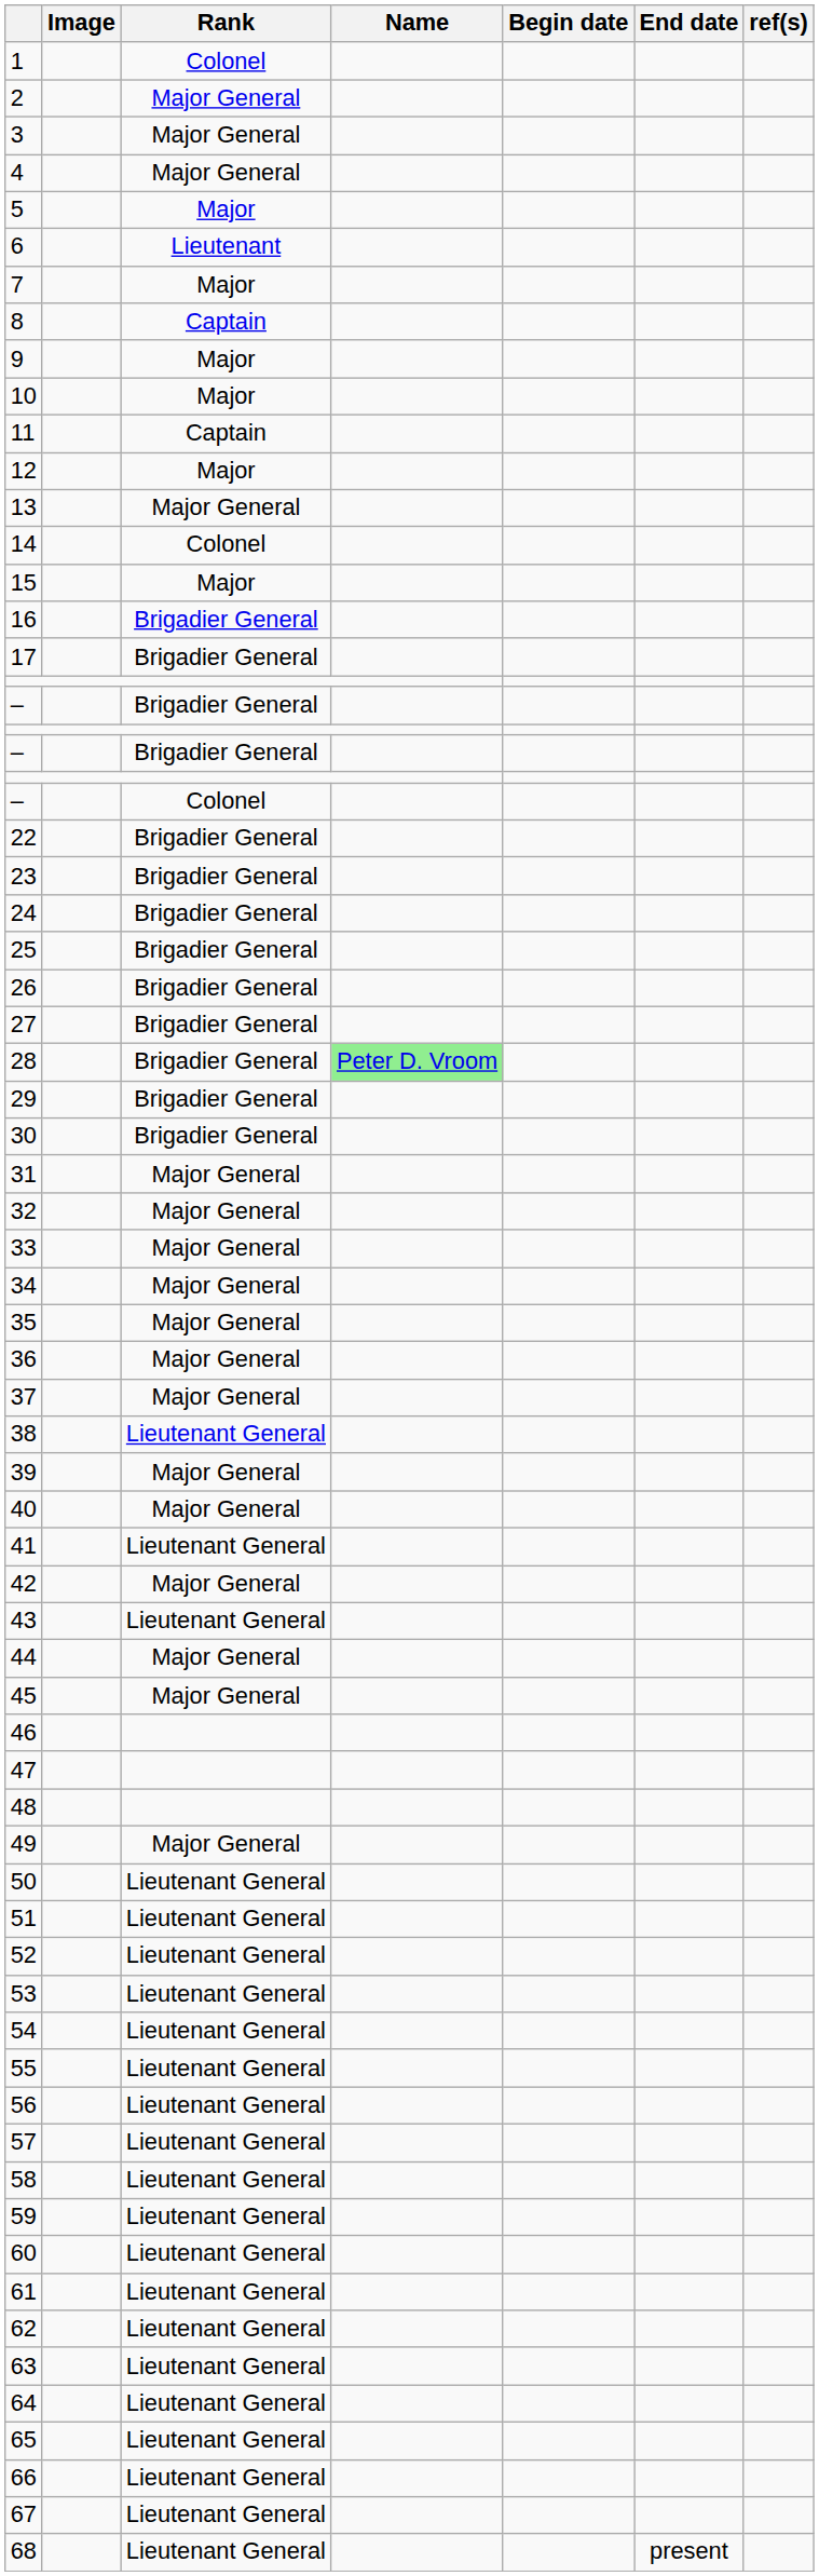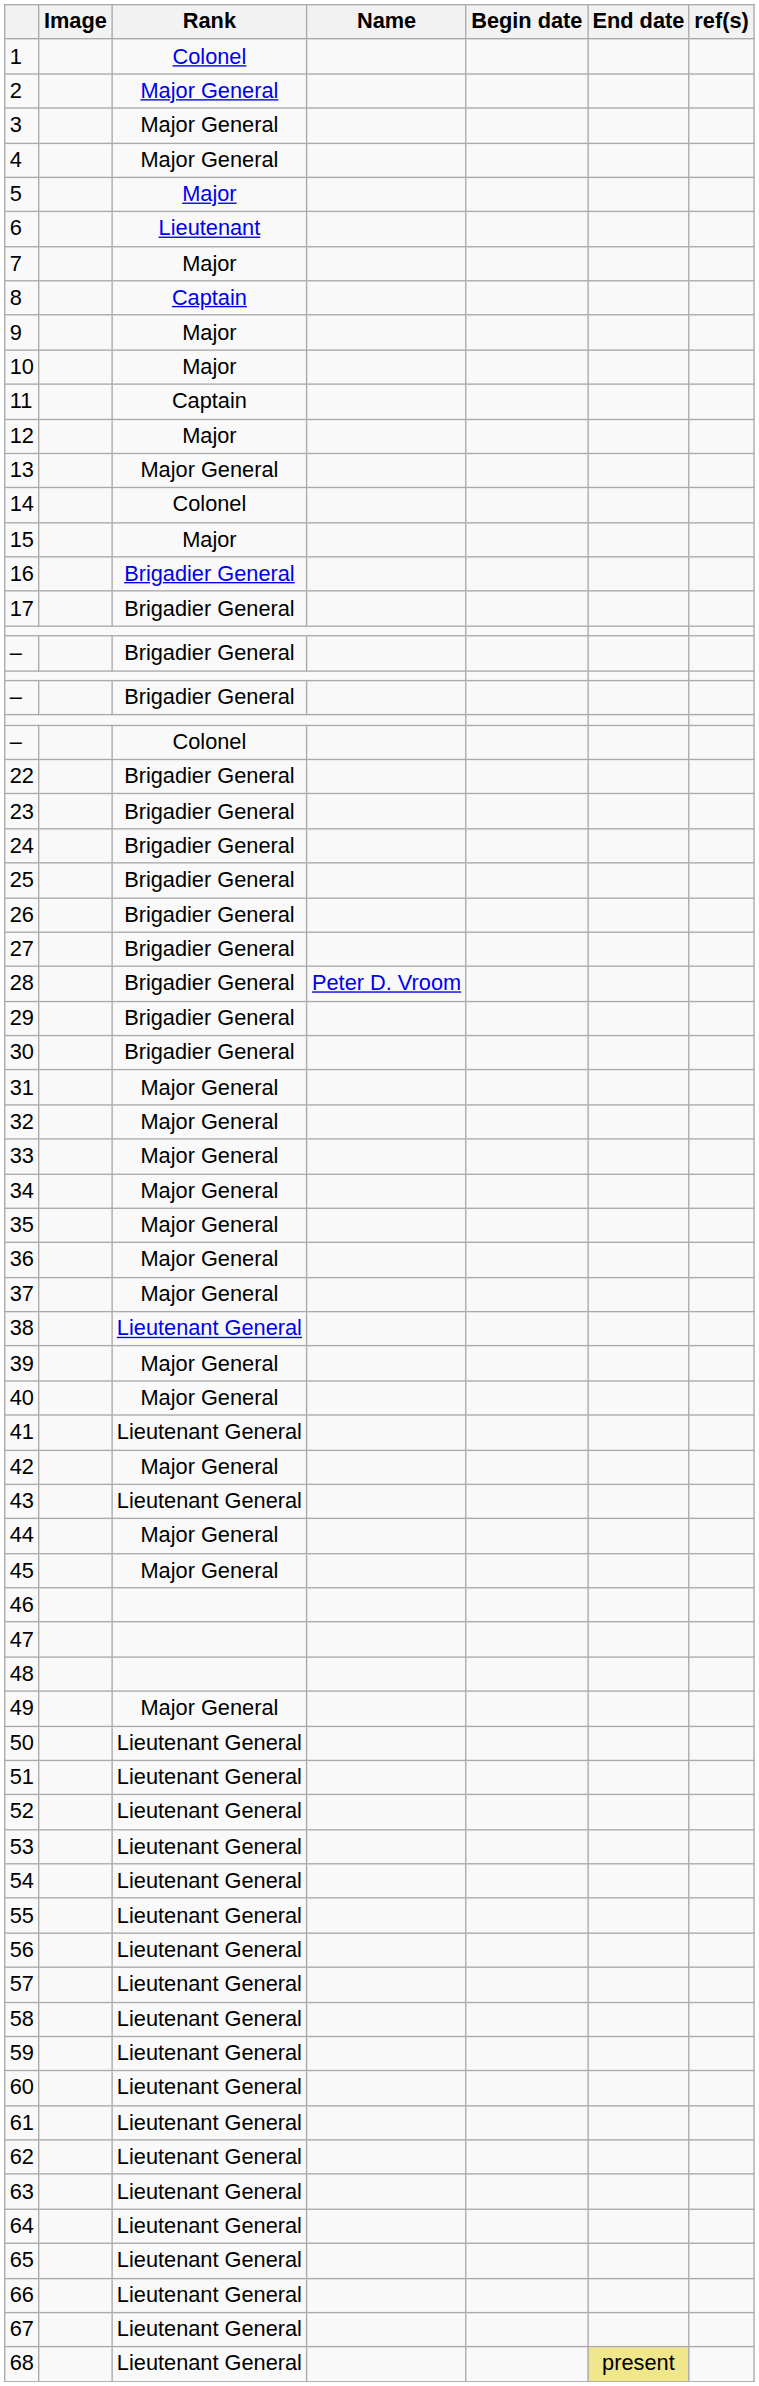 <table class="wikitable sortable">
 <tr>
 <th class=sortable></th>
 <th class="unsortable">Image</th>
 <th>Rank</th>
 <th>Name</th>
 <th>Begin date</th>
 <th class="sortable">End date</th>
 <th class="unsortable">ref(s)</th>
 </tr>
 <tr>
 <td>1</td>
 <td></td>
 <td align="center"><a href='#'>Colonel</a></td>
 <td align="center"></td>
 <td align="center"></td>
 <td align="center"></td>
 <td></td>
 </tr>
 <tr>
 <td>2</td>
 <td></td>
 <td align="center"><a href='#'>Major General</a></td>
 <td align="center"></td>
 <td align="center"></td>
 <td align="center"></td>
 <td></td>
 </tr>
 <tr>
 <td>3</td>
 <td></td>
 <td align="center">Major General</td>
 <td align="center"></td>
 <td align="center"></td>
 <td align="center"></td>
 <td></td>
 </tr>
 <tr>
 <td>4</td>
 <td></td>
 <td align="center">Major General</td>
 <td align="center"></td>
 <td align="center"></td>
 <td align="center"></td>
 <td></td>
 </tr>
 <tr>
 <td>5</td>
 <td></td>
 <td align="center"><a href='#'>Major</a></td>
 <td align="center"></td>
 <td align="center"></td>
 <td align="center"></td>
 <td></td>
 </tr>
 <tr>
 <td>6</td>
 <td></td>
 <td align="center"><a href='#'>Lieutenant</a></td>
 <td align="center"><br></td>
 <td align="center"></td>
 <td align="center"></td>
 <td></td>
 </tr>
 <tr>
 <td>7</td>
 <td></td>
 <td align="center">Major</td>
 <td align="center"><br></td>
 <td align="center"></td>
 <td align="center"></td>
 <td></td>
 </tr>
 <tr>
 <td>8</td>
 <td></td>
 <td align="center"><a href='#'>Captain</a></td>
 <td align="center"><br></td>
 <td align="center"></td>
 <td align="center"></td>
 <td></td>
 </tr>
 <tr>
 <td>9</td>
 <td></td>
 <td align="center">Major</td>
 <td align="center"><br></td>
 <td align="center"></td>
 <td align="center"></td>
 <td></td>
 </tr>
 <tr>
 <td>10</td>
 <td></td>
 <td align="center">Major</td>
 <td align="center"><br></td>
 <td align="center"></td>
 <td align="center"></td>
 <td></td>
 </tr>
 <tr>
 <td>11</td>
 <td></td>
 <td align="center">Captain</td>
 <td align="center"><br></td>
 <td align="center"></td>
 <td align="center"></td>
 <td></td>
 </tr>
 <tr>
 <td>12</td>
 <td></td>
 <td align="center">Major</td>
 <td align="center"><br></td>
 <td align="center"></td>
 <td align="center"></td>
 <td></td>
 </tr>
 <tr>
 <td>13</td>
 <td></td>
 <td align="center">Major General</td>
 <td align="center"></td>
 <td align="center"></td>
 <td align="center"></td>
 <td></td>
 </tr>
 <tr>
 <td>14</td>
 <td></td>
 <td align="center">Colonel</td>
 <td align="center"><br></td>
 <td align="center"></td>
 <td align="center"></td>
 <td></td>
 </tr>
 <tr>
 <td>15</td>
 <td></td>
 <td align="center">Major</td>
 <td align="center"><br></td>
 <td align="center"></td>
 <td align="center"></td>
 <td></td>
 </tr>
 <tr>
 <td>16</td>
 <td></td>
 <td align="center"><a href='#'>Brigadier General</a></td>
 <td align="center"></td>
 <td align="center"></td>
 <td align="center"></td>
 <td></td>
 </tr>
 <tr>
 <td>17</td>
 <td></td>
 <td align="center">Brigadier General</td>
 <td align="center"></td>
 <td align="center"></td>
 <td align="center"></td>
 <td></td>
 </tr>
 <tr>
 <td colspan="4"></td>
 <td align="center"></td>
 <td align="center"></td>
 <td></td>
 </tr>
 <tr>
 <td>–</td>
 <td></td>
 <td align="center">Brigadier General</td>
 <td align="center"></td>
 <td align="center"></td>
 <td align="center"></td>
 <td></td>
 </tr>
 <tr>
 <td colspan="4"></td>
 <td align="center"></td>
 <td align="center"></td>
 <td></td>
 </tr>
 <tr>
 <td>–</td>
 <td></td>
 <td align="center">Brigadier General</td>
 <td align="center"></td>
 <td align="center"></td>
 <td align="center"></td>
 <td></td>
 </tr>
 <tr>
 <td colspan="4"></td>
 <td align="center"></td>
 <td align="center"></td>
 <td></td>
 </tr>
 <tr>
 <td>–</td>
 <td></td>
 <td align="center">Colonel</td>
 <td align="center"></td>
 <td align="center"></td>
 <td align="center"></td>
 <td></td>
 </tr>
 <tr>
 <td>22</td>
 <td></td>
 <td align="center">Brigadier General</td>
 <td align="center"></td>
 <td align="center"></td>
 <td align="center"></td>
 <td></td>
 </tr>
 <tr>
 <td>23</td>
 <td></td>
 <td align="center">Brigadier General</td>
 <td align="center"></td>
 <td align="center"></td>
 <td align="center"></td>
 <td></td>
 </tr>
 <tr>
 <td>24</td>
 <td></td>
 <td align="center">Brigadier General</td>
 <td align="center"></td>
 <td align="center"></td>
 <td align="center"></td>
 <td></td>
 </tr>
 <tr>
 <td>25</td>
 <td></td>
 <td align="center">Brigadier General</td>
 <td align="center"></td>
 <td align="center"></td>
 <td align="center"></td>
 <td></td>
 </tr>
 <tr>
 <td>26</td>
 <td></td>
 <td align="center">Brigadier General</td>
 <td align="center"></td>
 <td align="center"></td>
 <td align="center"></td>
 <td></td>
 </tr>
 <tr>
 <td>27</td>
 <td></td>
 <td align="center">Brigadier General</td>
 <td align="center"></td>
 <td align="center"></td>
 <td align="center"></td>
 <td></td>
 </tr>
 <tr>
 <td>28</td>
 <td></td>
 <td align="center">Brigadier General</td>
-<td align="center" style="background: lightgreen;"><a href='#'>Peter D. Vroom</a></td>
+<td align="center"><a href='#'>Peter D. Vroom</a></td>
 <td align="center"></td>
 <td align="center"></td>
 <td></td>
 </tr>
 <tr>
 <td>29</td>
 <td></td>
 <td align="center">Brigadier General</td>
 <td align="center"></td>
 <td align="center"></td>
 <td align="center"></td>
 <td></td>
 </tr>
 <tr>
 <td>30</td>
 <td></td>
 <td align="center">Brigadier General</td>
 <td align="center"></td>
 <td align="center"></td>
 <td align="center"></td>
 <td></td>
 </tr>
 <tr>
 <td>31</td>
 <td></td>
 <td align="center">Major General</td>
 <td align="center"></td>
 <td align="center"></td>
 <td align="center"></td>
 <td></td>
 </tr>
 <tr>
 <td>32</td>
 <td></td>
 <td align="center">Major General</td>
 <td align="center"></td>
 <td align="center"></td>
 <td align="center"></td>
 <td></td>
 </tr>
 <tr>
 <td>33</td>
 <td></td>
 <td align="center">Major General</td>
 <td align="center"></td>
 <td align="center"></td>
 <td align="center"></td>
 <td></td>
 </tr>
 <tr>
 <td>34</td>
 <td></td>
 <td align="center">Major General</td>
 <td align="center"></td>
 <td align="center"></td>
 <td align="center"></td>
 <td></td>
 </tr>
 <tr>
 <td>35</td>
 <td></td>
 <td align="center">Major General</td>
 <td align="center"></td>
 <td align="center"></td>
 <td align="center"></td>
 <td></td>
 </tr>
 <tr>
 <td>36</td>
 <td></td>
 <td align="center">Major General</td>
 <td align="center"></td>
 <td align="center"></td>
 <td align="center"></td>
 <td></td>
 </tr>
 <tr>
 <td>37</td>
 <td></td>
 <td align="center">Major General</td>
 <td align="center"></td>
 <td align="center"></td>
 <td align="center"></td>
 <td></td>
 </tr>
 <tr>
 <td>38</td>
 <td></td>
 <td align="center"><a href='#'>Lieutenant General</a></td>
 <td align="center"></td>
 <td align="center"></td>
 <td align="center"></td>
 <td></td>
 </tr>
 <tr>
 <td>39</td>
 <td></td>
 <td align="center">Major General</td>
 <td align="center"></td>
 <td align="center"></td>
 <td align="center"></td>
 <td></td>
 </tr>
 <tr>
 <td>40</td>
 <td></td>
 <td align="center">Major General</td>
 <td align="center"></td>
 <td align="center"></td>
 <td align="center"></td>
 <td></td>
 </tr>
 <tr>
 <td>41</td>
 <td></td>
 <td align="center">Lieutenant General</td>
 <td align="center"></td>
 <td align="center"></td>
 <td align="center"></td>
 <td></td>
 </tr>
 <tr>
 <td>42</td>
 <td></td>
 <td align="center">Major General</td>
 <td align="center"></td>
 <td align="center"></td>
 <td align="center"></td>
 <td></td>
 </tr>
 <tr>
 <td>43</td>
 <td></td>
 <td align="center">Lieutenant General</td>
 <td align="center"></td>
 <td align="center"></td>
 <td></td>
 <td></td>
 </tr>
 <tr>
 <td>44</td>
 <td></td>
 <td align="center">Major General</td>
 <td align="center"></td>
 <td align="center"></td>
 <td align="center"></td>
 <td></td>
 </tr>
 <tr>
 <td>45</td>
 <td></td>
 <td align="center">Major General</td>
 <td align="center"></td>
 <td align="center"></td>
 <td align="center"></td>
 <td></td>
 </tr>
 <tr>
 <td>46</td>
 <td></td>
 <td align="center"></td>
 <td align="center"></td>
 <td align="center"></td>
 <td align="center"></td>
 <td></td>
 </tr>
 <tr>
 <td>47</td>
 <td></td>
 <td align="center"></td>
 <td align="center"></td>
 <td align="center"></td>
 <td align="center"></td>
 <td></td>
 </tr>
 <tr>
 <td>48</td>
 <td></td>
 <td align="center"></td>
 <td align="center"></td>
 <td align="center"></td>
 <td align="center"></td>
 <td></td>
 </tr>
 <tr>
 <td>49</td>
 <td></td>
 <td align="center">Major General</td>
 <td align="center"></td>
 <td align="center"></td>
 <td align="center"></td>
 <td></td>
 </tr>
 <tr>
 <td>50</td>
 <td></td>
 <td align="center">Lieutenant General</td>
 <td align="center"></td>
 <td align="center"></td>
 <td align="center"></td>
 <td></td>
 </tr>
 <tr>
 <td>51</td>
 <td></td>
 <td align="center">Lieutenant General</td>
 <td align="center"></td>
 <td align="center"></td>
 <td align="center"></td>
 <td></td>
 </tr>
 <tr>
 <td>52</td>
 <td></td>
 <td align="center">Lieutenant General</td>
 <td align="center"></td>
 <td align="center"></td>
 <td align="center"></td>
 <td></td>
 </tr>
 <tr>
 <td>53</td>
 <td></td>
 <td align="center">Lieutenant General</td>
 <td align="center"></td>
 <td align="center"></td>
 <td align="center"></td>
 <td></td>
 </tr>
 <tr>
 <td>54</td>
 <td></td>
 <td align="center">Lieutenant General</td>
 <td align="center"></td>
 <td align="center"></td>
 <td align="center"></td>
 <td></td>
 </tr>
 <tr>
 <td>55</td>
 <td></td>
 <td align="center">Lieutenant General</td>
 <td align="center"></td>
 <td align="center"></td>
 <td align="center"></td>
 <td></td>
 </tr>
 <tr>
 <td>56</td>
 <td></td>
 <td align="center">Lieutenant General</td>
 <td align="center"></td>
 <td align="center"></td>
 <td align="center"></td>
 <td></td>
 </tr>
 <tr>
 <td>57</td>
 <td></td>
 <td align="center">Lieutenant General</td>
 <td align="center"></td>
 <td align="center"></td>
 <td align="center"></td>
 <td></td>
 </tr>
 <tr>
 <td>58</td>
 <td></td>
 <td align="center">Lieutenant General</td>
 <td align="center"></td>
 <td align="center"></td>
 <td align="center"></td>
 <td></td>
 </tr>
 <tr>
 <td>59</td>
 <td></td>
 <td align="center">Lieutenant General</td>
 <td align="center"></td>
 <td align="center"></td>
 <td align="center"></td>
 <td></td>
 </tr>
 <tr>
 <td>60</td>
 <td></td>
 <td align="center">Lieutenant General</td>
 <td align="center"></td>
 <td align="center"></td>
 <td align="center"></td>
 <td></td>
 </tr>
 <tr>
 <td>61</td>
 <td></td>
 <td align="center">Lieutenant General</td>
 <td align="center"></td>
 <td align="center"></td>
 <td align="center"></td>
 <td></td>
 </tr>
 <tr>
 <td>62</td>
 <td></td>
 <td align="center">Lieutenant General</td>
 <td align="center"></td>
 <td align="center"></td>
 <td align="center"></td>
 <td></td>
 </tr>
 <tr>
 <td>63</td>
 <td></td>
 <td align="center">Lieutenant General</td>
 <td align="center"></td>
 <td align="center"></td>
 <td align="center"></td>
 <td></td>
 </tr>
 <tr>
 <td>64</td>
 <td></td>
 <td align="center">Lieutenant General</td>
 <td align="center"></td>
 <td align="center"></td>
 <td align="center"></td>
 <td></td>
 </tr>
 <tr>
 <td>65</td>
 <td></td>
 <td align="center">Lieutenant General</td>
 <td align="center"></td>
 <td align="center"></td>
 <td align="center"></td>
 <td></td>
 </tr>
 <tr>
 <td>66</td>
 <td></td>
 <td align="center">Lieutenant General</td>
 <td align="center"></td>
 <td align="center"></td>
 <td align="center"></td>
 <td></td>
 </tr>
 <tr>
 <td>67</td>
 <td></td>
 <td align="center">Lieutenant General</td>
 <td align="center"></td>
 <td align="center"></td>
 <td align="center"></td>
 <td></td>
 </tr>
 <tr>
 <td>68</td>
 <td></td>
 <td align="center">Lieutenant General</td>
 <td align="center"></td>
 <td align="center"></td>
-<td align="center">present</td>
+<td align="center" style="background: khaki;">present</td>
 <td></td>
 </tr>
 <tr>
 </tr>
 </table>
